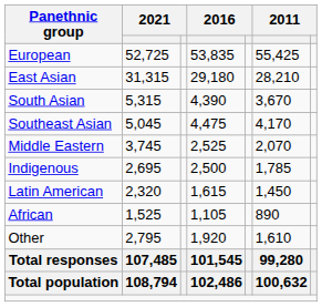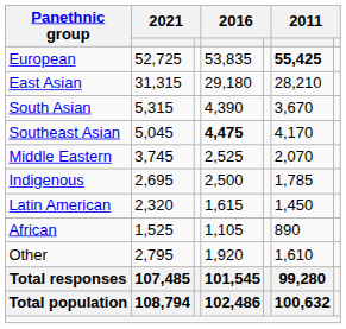 <table class="wikitable collapsible sortable">
 <tr>
 <th rowspan="2"><a href='#'>Panethnic</a><br>group</th>
 <th colspan="2">2021</th>
 <th colspan="2">2016</th>
 <th colspan="2">2011</th>
 </tr>
 <tr>
 <th><a href='#'></a></th>
 <th></th>
 <th></th>
 <th></th>
 <th></th>
 <th></th>
 </tr>
 <tr>
 <td><a href='#'>European</a></td>
 <td>52,725</td>
 <td></td>
 <td>53,835</td>
 <td></td>
-<td>55,425</td>
+<td><strong>55,425</strong></td>
 <td></td>
 </tr>
 <tr>
 <td><a href='#'>East Asian</a></td>
 <td>31,315</td>
 <td></td>
 <td>29,180</td>
 <td></td>
 <td>28,210</td>
 <td></td>
 </tr>
 <tr>
 <td><a href='#'>South Asian</a></td>
 <td>5,315</td>
 <td></td>
 <td>4,390</td>
 <td></td>
 <td>3,670</td>
 <td></td>
 </tr>
 <tr>
 <td><a href='#'>Southeast Asian</a></td>
 <td>5,045</td>
 <td></td>
-<td>4,475</td>
+<td><strong>4,475</strong></td>
 <td></td>
 <td>4,170</td>
 <td></td>
 </tr>
 <tr>
 <td><a href='#'>Middle Eastern</a></td>
 <td>3,745</td>
 <td></td>
 <td>2,525</td>
 <td></td>
 <td>2,070</td>
 <td></td>
 </tr>
 <tr>
 <td><a href='#'>Indigenous</a></td>
 <td>2,695</td>
 <td></td>
 <td>2,500</td>
 <td></td>
 <td>1,785</td>
 <td></td>
 </tr>
 <tr>
 <td><a href='#'>Latin American</a></td>
 <td>2,320</td>
 <td></td>
 <td>1,615</td>
 <td></td>
 <td>1,450</td>
 <td></td>
 </tr>
 <tr>
 <td><a href='#'>African</a></td>
 <td>1,525</td>
 <td></td>
 <td>1,105</td>
 <td></td>
 <td>890</td>
 <td></td>
 </tr>
 <tr>
 <td>Other</td>
 <td>2,795</td>
 <td></td>
 <td>1,920</td>
 <td></td>
 <td>1,610</td>
 <td></td>
 </tr>
 <tr>
 <th>Total responses</th>
 <th>107,485</th>
 <th></th>
 <th>101,545</th>
 <th></th>
 <th>99,280</th>
 <th></th>
 </tr>
 <tr>
 <th>Total population</th>
 <th>108,794</th>
 <th></th>
 <th>102,486</th>
 <th></th>
 <th>100,632</th>
 <th></th>
 </tr>
 <tr class="sortbottom">
 <td colspan="15"></td>
 </tr>
 </table>
